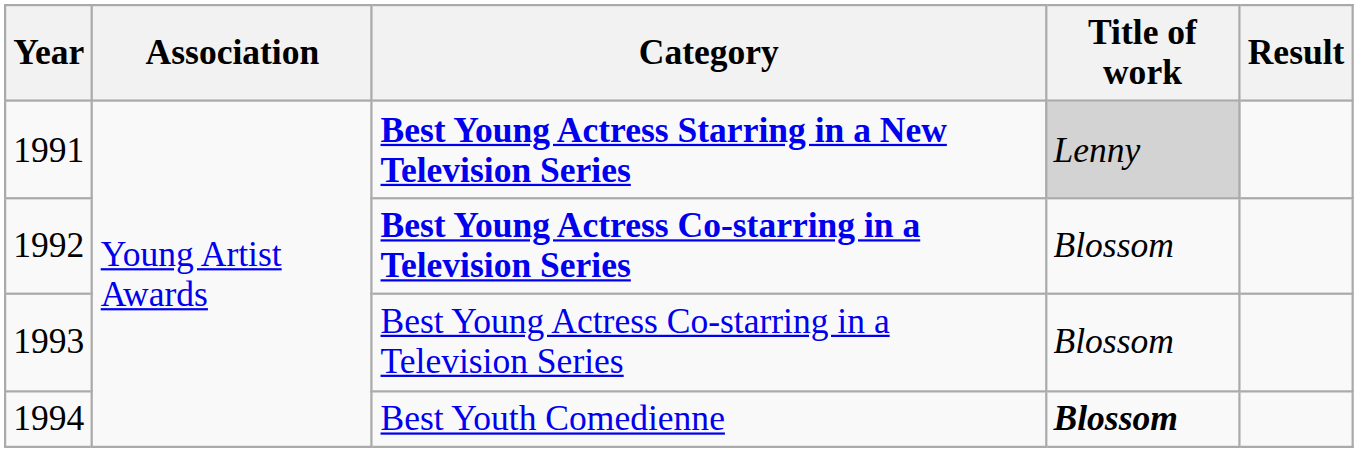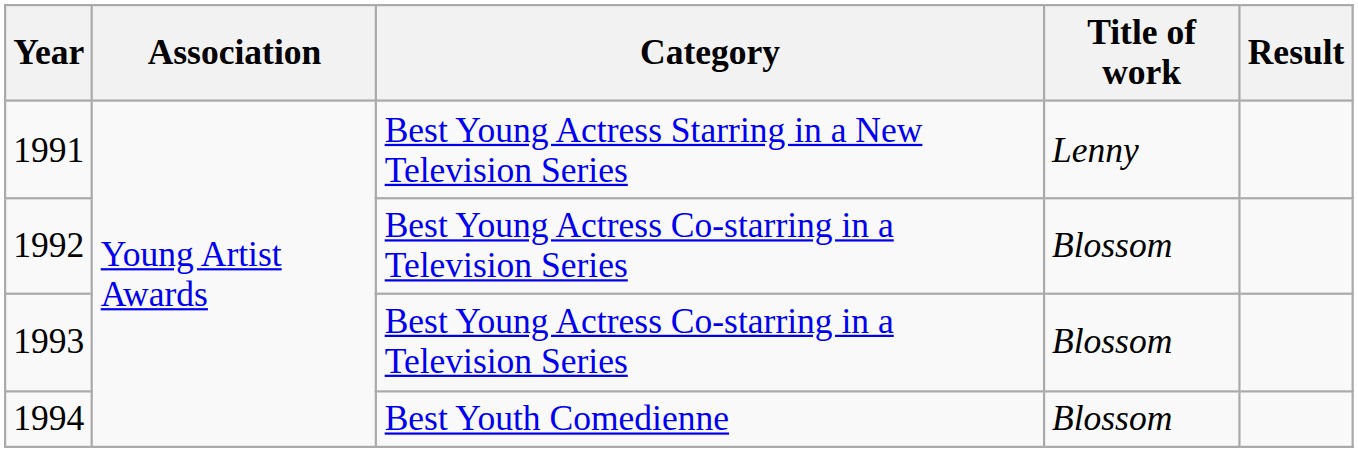 <table class="wikitable">
 <tr>
 <th>Year</th>
 <th>Association</th>
 <th>Category</th>
 <th>Title of work</th>
 <th>Result</th>
 </tr>
 <tr>
 <td>1991</td>
 <td rowspan=4><a href='#'>Young Artist Awards</a></td>
-<td><strong><a href='#'>Best Young Actress Starring in a New Television Series</a></strong></td>
-<td style="background: lightgrey;"><em>Lenny</em></td>
+<td><a href='#'>Best Young Actress Starring in a New Television Series</a></td>
+<td><em>Lenny</em></td>
 <td></td>
 </tr>
 <tr>
 <td>1992</td>
-<td><strong><a href='#'>Best Young Actress Co-starring in a Television Series</a></strong></td>
+<td><a href='#'>Best Young Actress Co-starring in a Television Series</a></td>
 <td><em>Blossom</em></td>
 <td></td>
 </tr>
 <tr>
 <td>1993</td>
 <td><a href='#'>Best Young Actress Co-starring in a Television Series</a></td>
 <td><em>Blossom</em></td>
 <td></td>
 </tr>
 <tr>
 <td>1994</td>
 <td><a href='#'>Best Youth Comedienne</a></td>
-<td><strong><em>Blossom</em></strong></td>
+<td><em>Blossom</em></td>
 <td></td>
 </tr>
 </table>
